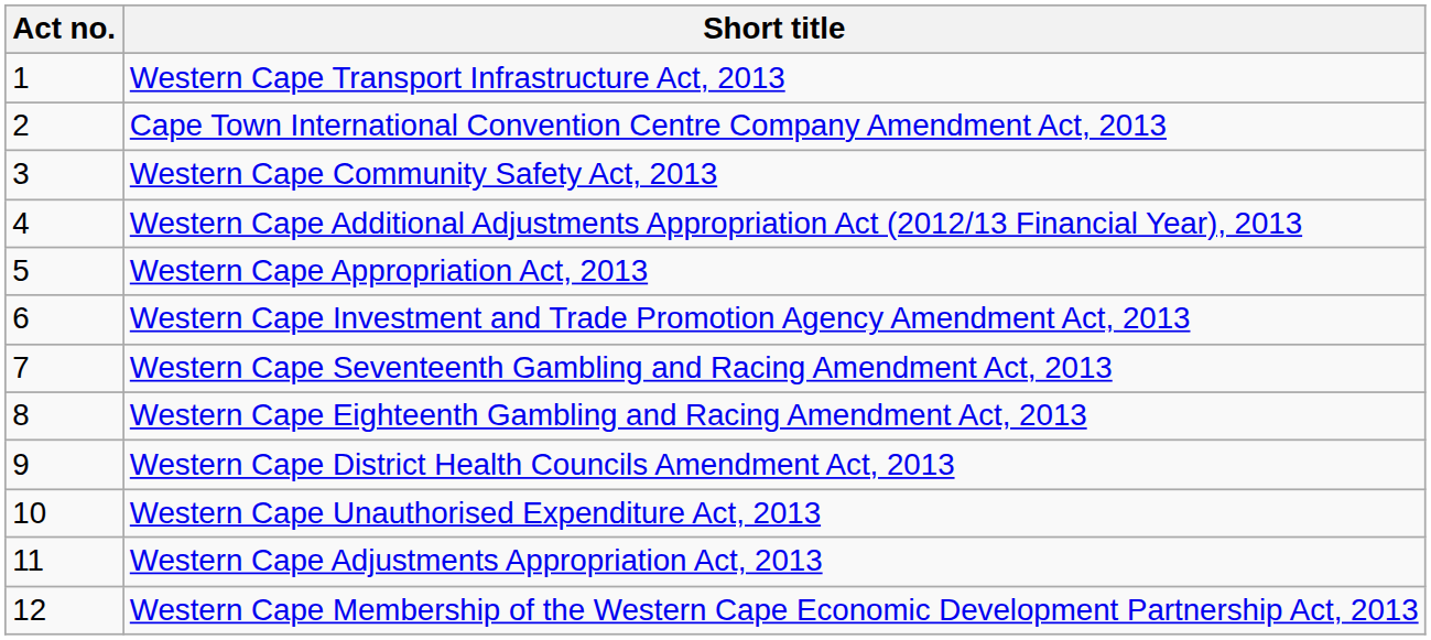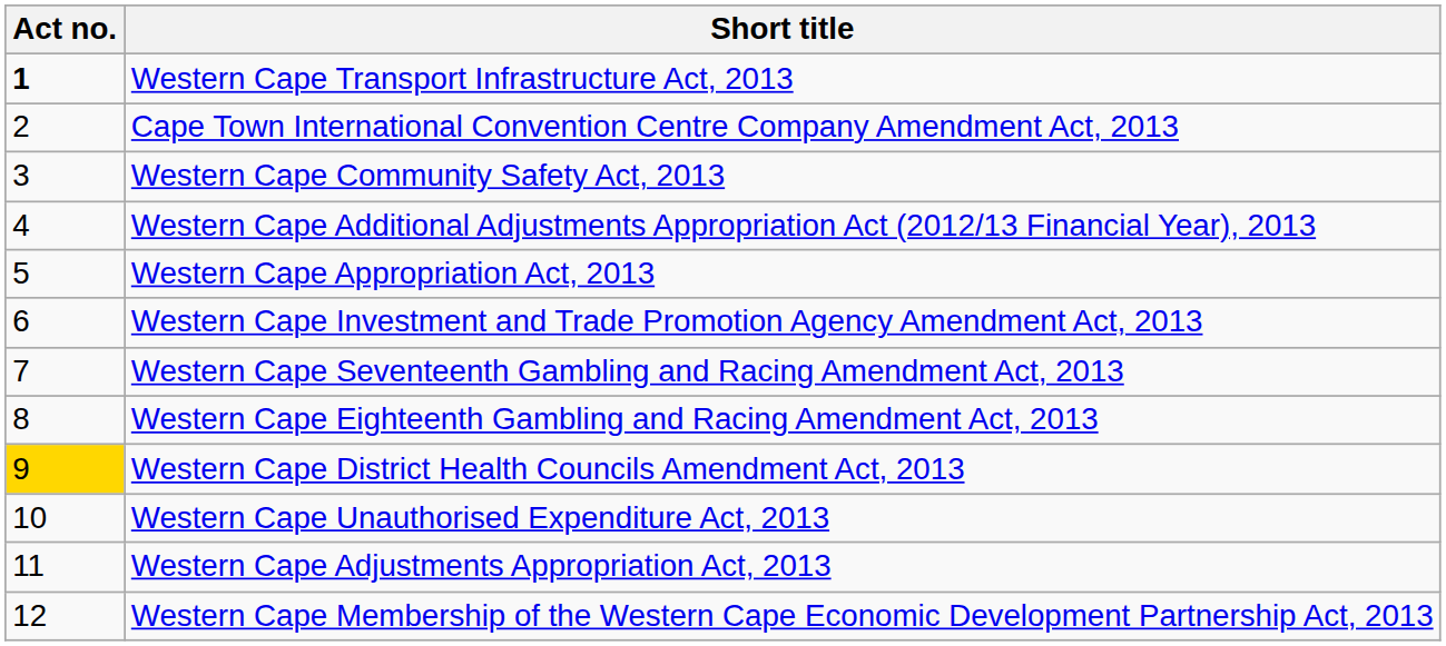 <table class=wikitable sortable>
 <tr>
 <th>Act no.</th>
 <th>Short title</th>
 </tr>
 <tr>
-<td>1</td>
+<td><strong>1</strong></td>
 <td><a href='#'>Western Cape Transport Infrastructure Act, 2013</a></td>
 </tr>
 <tr>
 <td>2</td>
 <td><a href='#'>Cape Town International Convention Centre Company Amendment Act, 2013</a></td>
 </tr>
 <tr>
 <td>3</td>
 <td><a href='#'>Western Cape Community Safety Act, 2013</a></td>
 </tr>
 <tr>
 <td>4</td>
 <td><a href='#'>Western Cape Additional Adjustments Appropriation Act (2012/13 Financial Year), 2013</a></td>
 </tr>
 <tr>
 <td>5</td>
 <td><a href='#'>Western Cape Appropriation Act, 2013</a></td>
 </tr>
 <tr>
 <td>6</td>
 <td><a href='#'>Western Cape Investment and Trade Promotion Agency Amendment Act, 2013</a></td>
 </tr>
 <tr>
 <td>7</td>
 <td><a href='#'>Western Cape Seventeenth Gambling and Racing Amendment Act, 2013</a></td>
 </tr>
 <tr>
 <td>8</td>
 <td><a href='#'>Western Cape Eighteenth Gambling and Racing Amendment Act, 2013</a></td>
 </tr>
 <tr>
-<td>9</td>
+<td style="background: gold;">9</td>
 <td><a href='#'>Western Cape District Health Councils Amendment Act, 2013</a></td>
 </tr>
 <tr>
 <td>10</td>
 <td><a href='#'>Western Cape Unauthorised Expenditure Act, 2013</a></td>
 </tr>
 <tr>
 <td>11</td>
 <td><a href='#'>Western Cape Adjustments Appropriation Act, 2013</a></td>
 </tr>
 <tr>
 <td>12</td>
 <td><a href='#'>Western Cape Membership of the Western Cape Economic Development Partnership Act, 2013</a></td>
 </tr>
 </table>
